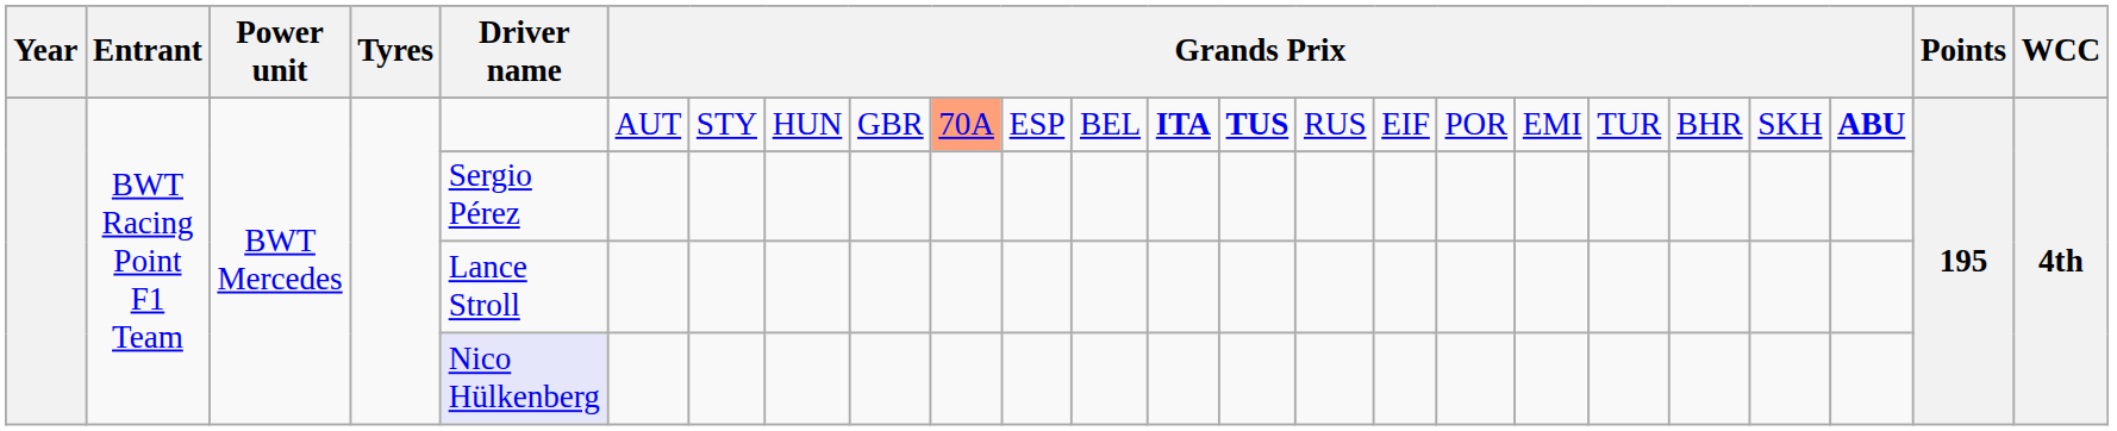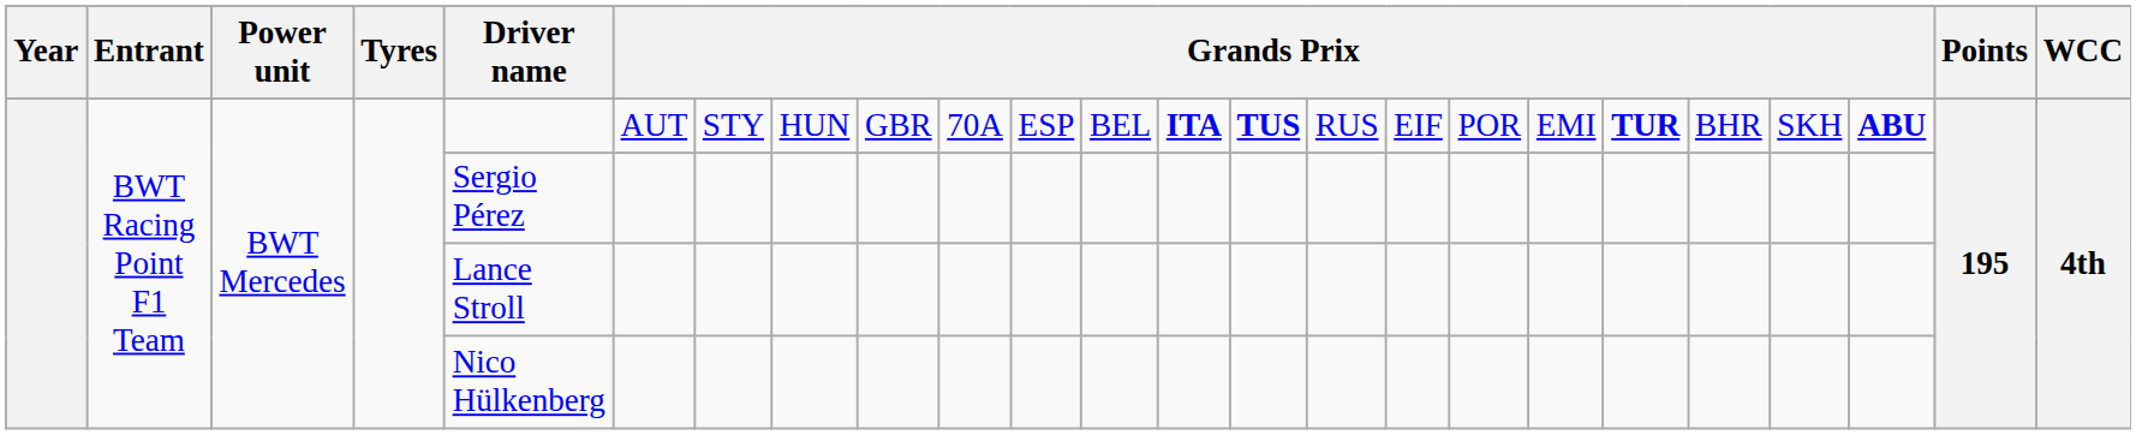 <table class="wikitable" style="text-align:center; font-size:90%">
 <tr>
 <th>Year</th>
 <th>Entrant</th>
 <th>Power unit</th>
 <th>Tyres</th>
 <th>Driver name</th>
 <th colspan="17">Grands Prix</th>
 <th>Points</th>
 <th>WCC</th>
 </tr>
 <tr>
 <th rowspan="4"></th>
 <td rowspan="4"><a href='#'>BWT Racing Point<br>F1 Team</a></td>
 <td rowspan="4"><a href='#'>BWT</a> <a href='#'>Mercedes</a></td>
 <td rowspan="4"></td>
 <td></td>
 <td><a href='#'>AUT</a></td>
 <td><a href='#'>STY</a></td>
 <td><a href='#'>HUN</a></td>
 <td><a href='#'>GBR</a></td>
-<td style="background: lightsalmon;"><a href='#'>70A</a></td>
+<td><a href='#'>70A</a></td>
 <td><a href='#'>ESP</a></td>
 <td><a href='#'>BEL</a></td>
 <td><strong><a href='#'>ITA</a></strong></td>
 <td><strong><a href='#'>TUS</a></strong></td>
 <td><a href='#'>RUS</a></td>
 <td><a href='#'>EIF</a></td>
 <td><a href='#'>POR</a></td>
 <td><a href='#'>EMI</a></td>
-<td><a href='#'>TUR</a></td>
+<td><strong><a href='#'>TUR</a></strong></td>
 <td><a href='#'>BHR</a></td>
 <td><a href='#'>SKH</a></td>
 <td><strong><a href='#'>ABU</a></strong></td>
 <th rowspan="4">195 </th>
 <th rowspan="4">4th</th>
 </tr>
 <tr>
 <td align=left><a href='#'>Sergio Pérez</a></td>
 <td></td>
 <td></td>
 <td></td>
 <td></td>
 <td></td>
 <td></td>
 <td></td>
 <td></td>
 <td></td>
 <td></td>
 <td></td>
 <td></td>
 <td></td>
 <td></td>
 <td></td>
 <td></td>
 <td></td>
 </tr>
 <tr>
 <td align=left><a href='#'>Lance Stroll</a></td>
 <td></td>
 <td></td>
 <td></td>
 <td></td>
 <td></td>
 <td></td>
 <td></td>
 <td></td>
 <td></td>
 <td></td>
 <td></td>
 <td></td>
 <td></td>
 <td></td>
 <td></td>
 <td></td>
 <td></td>
 </tr>
 <tr>
-<td align=left style="background: lavender;"><a href='#'>Nico Hülkenberg</a></td>
+<td align=left><a href='#'>Nico Hülkenberg</a></td>
 <td></td>
 <td></td>
 <td></td>
 <td></td>
 <td></td>
 <td></td>
 <td></td>
 <td></td>
 <td></td>
 <td></td>
 <td></td>
 <td></td>
 <td></td>
 <td></td>
 <td></td>
 <td></td>
 <td></td>
 </tr>
 </table>
